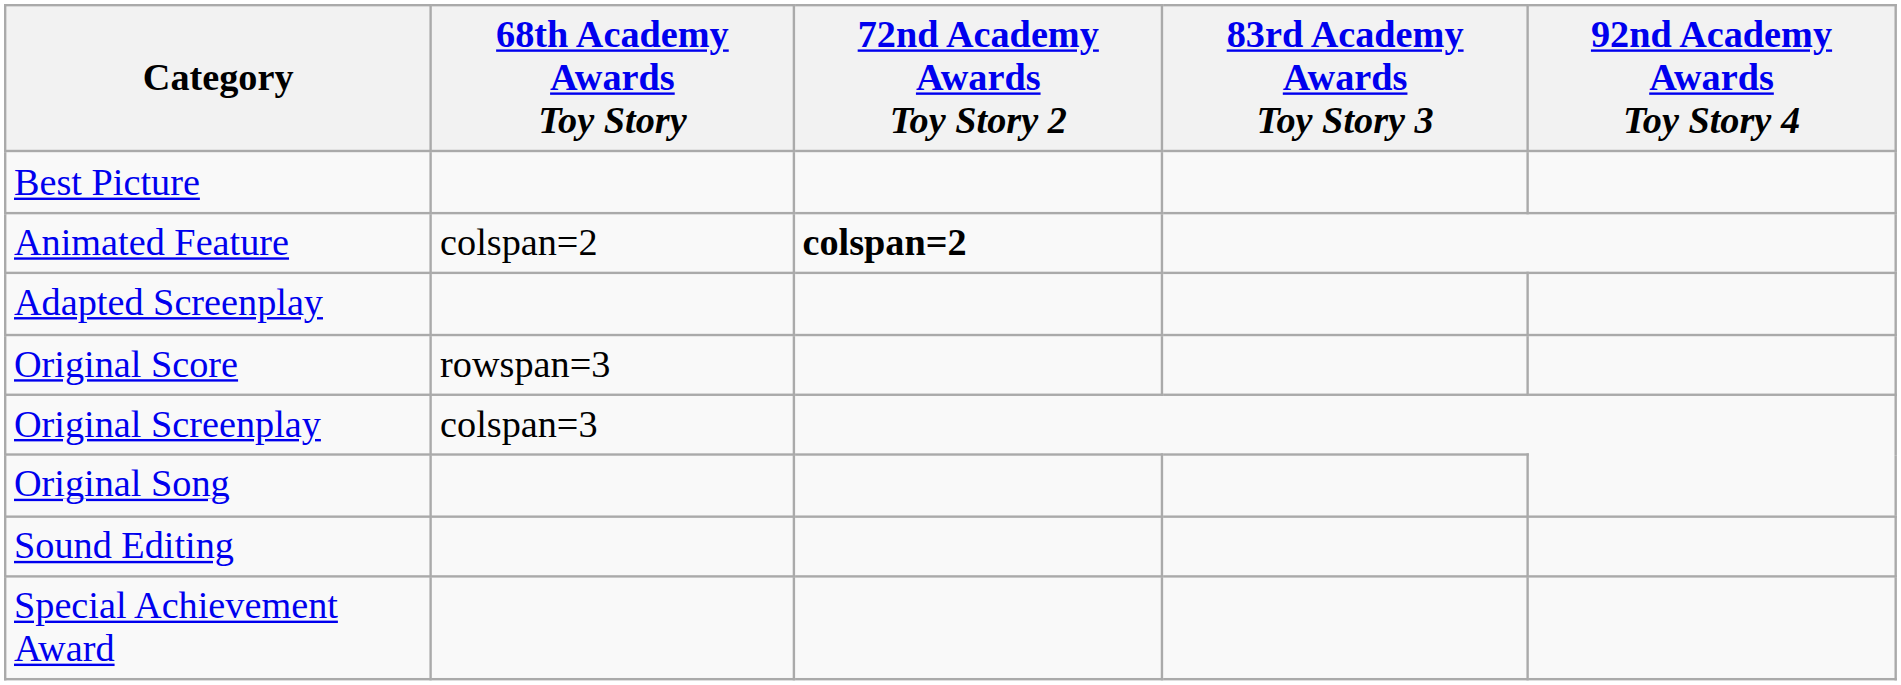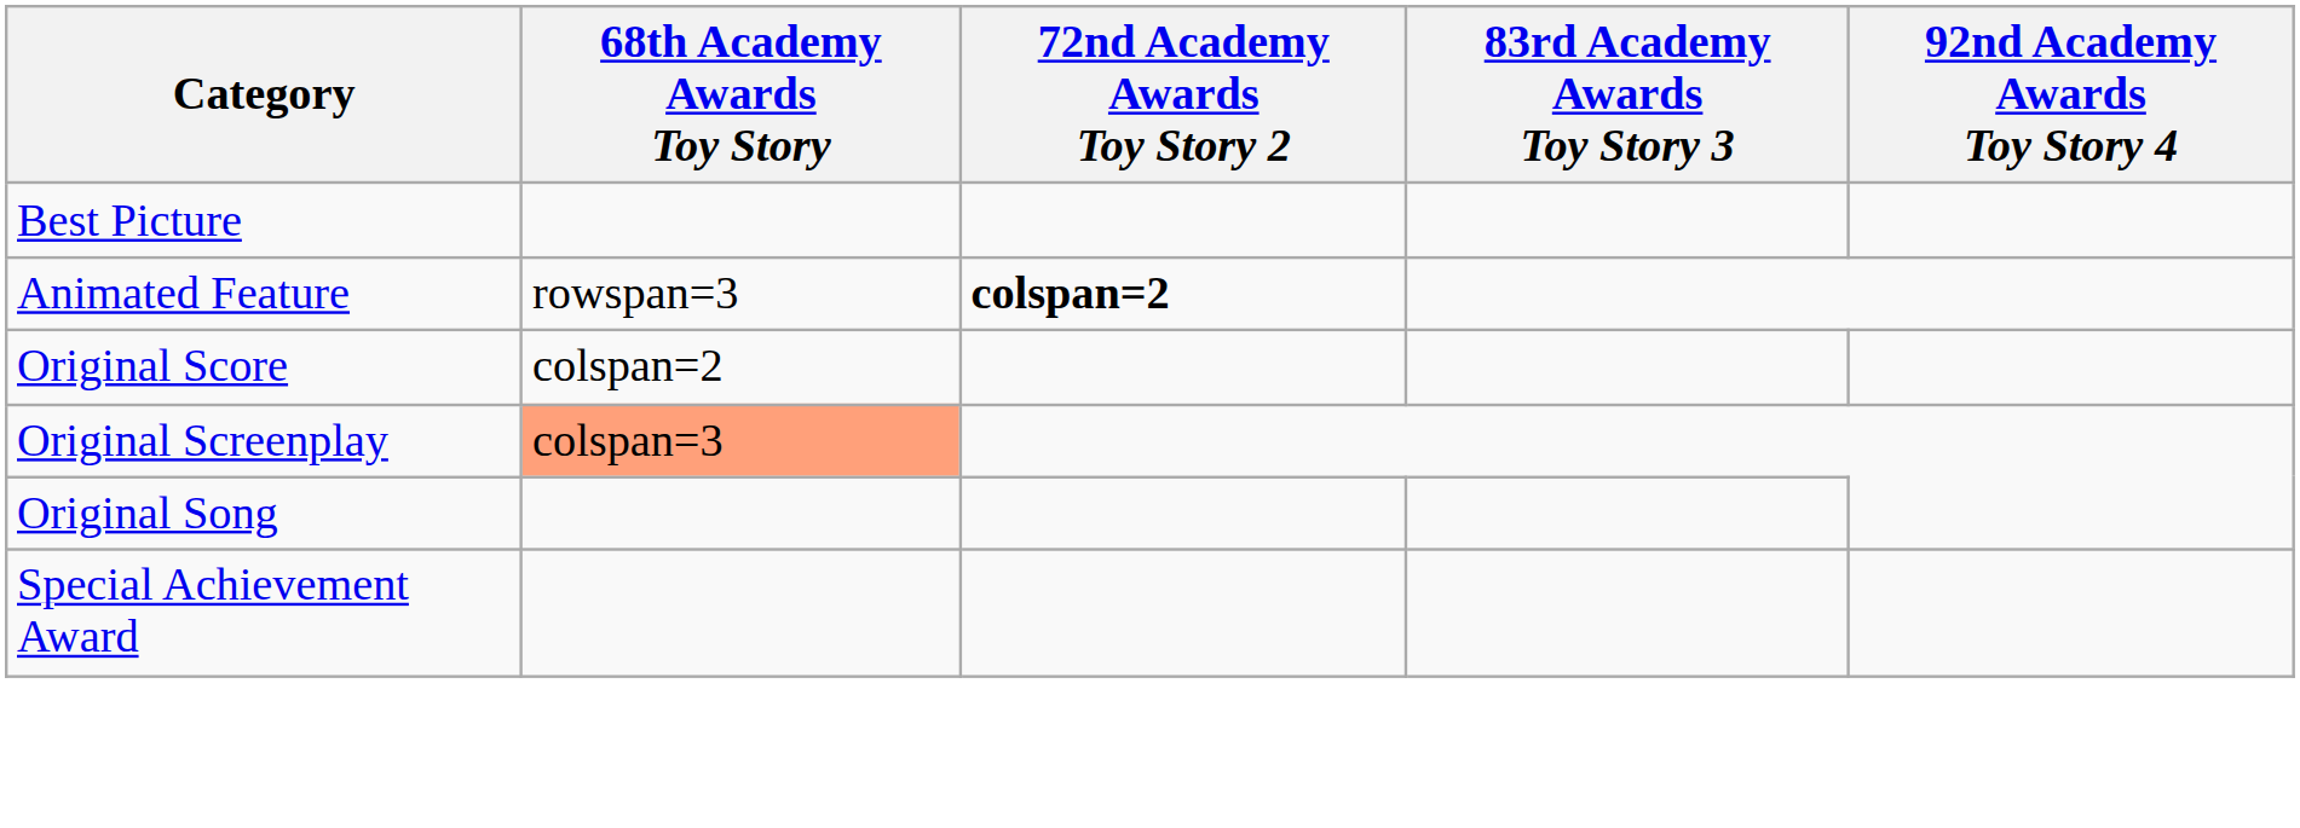 <table class="wikitable" style="margin:left; width:50%;">
 <tr>
 <th>Category</th>
 <th><a href='#'>68th Academy Awards</a><br><em>Toy Story</em></th>
 <th><a href='#'>72nd Academy Awards</a><br><em>Toy Story 2</em></th>
 <th><a href='#'>83rd Academy Awards</a><br><em>Toy Story 3</em></th>
 <th><a href='#'>92nd Academy Awards</a><br><em>Toy Story 4</em></th>
 </tr>
 <tr>
 <td><a href='#'>Best Picture</a></td>
 <td></td>
 <td></td>
 <td></td>
 <td></td>
 </tr>
 <tr>
 <td><a href='#'>Animated Feature</a></td>
-<td>colspan=2 </td>
+<td>rowspan=3 </td>
 <td><strong>colspan=2 </strong></td>
 </tr>
 <tr>
-<td><a href='#'>Adapted Screenplay</a></td>
-<td></td>
-<td></td>
-<td></td>
-<td></td>
-</tr>
-<tr>
 <td><a href='#'>Original Score</a></td>
-<td>rowspan=3 </td>
+<td>colspan=2 </td>
 <td></td>
 <td></td>
 <td></td>
 </tr>
 <tr>
 <td><a href='#'>Original Screenplay</a></td>
-<td>colspan=3 </td>
+<td style="background: lightsalmon;">colspan=3 </td>
 </tr>
 <tr>
 <td><a href='#'>Original Song</a></td>
-<td></td>
-<td></td>
-<td></td>
-</tr>
-<tr>
-<td><a href='#'>Sound Editing</a></td>
-<td></td>
 <td></td>
 <td></td>
 <td></td>
 </tr>
 <tr>
 <td><a href='#'>Special Achievement Award</a></td>
 <td></td>
 <td></td>
 <td></td>
 <td></td>
 </tr>
 </table>
